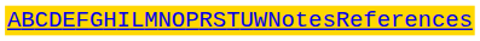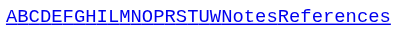 <table id="toc" class="toc" summary="Class" align="center" style="text-align:center;">
 <tr>
 <th></th>
 </tr>
 <tr>
-<td style="background: gold;"><a href='#'>A</a><a href='#'>B</a><a href='#'>C</a><a href='#'>D</a><a href='#'>E</a><a href='#'>F</a><a href='#'>G</a><a href='#'>H</a><a href='#'>I</a><a href='#'>L</a><a href='#'>M</a><a href='#'>N</a><a href='#'>O</a><a href='#'>P</a><a href='#'>R</a><a href='#'>S</a><a href='#'>T</a><a href='#'>U</a><a href='#'>W</a><a href='#'>Notes</a><a href='#'>References</a></td>
+<td><a href='#'>A</a><a href='#'>B</a><a href='#'>C</a><a href='#'>D</a><a href='#'>E</a><a href='#'>F</a><a href='#'>G</a><a href='#'>H</a><a href='#'>I</a><a href='#'>L</a><a href='#'>M</a><a href='#'>N</a><a href='#'>O</a><a href='#'>P</a><a href='#'>R</a><a href='#'>S</a><a href='#'>T</a><a href='#'>U</a><a href='#'>W</a><a href='#'>Notes</a><a href='#'>References</a></td>
 </tr>
 </table>
